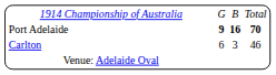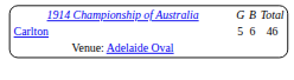 <table style="margin-right:4px; margin-top:8px; float:right; border:1px #000 solid; border-radius:8px; background:#fff; font-family:Verdana; font-size:8pt; text-align:center;">
 <tr>
 <td width=200><em><a href='#'>1914 Championship of Australia</a></em></td>
 <td><em>G</em></td>
 <td><em>B</em></td>
 <td><em>Total</em></td>
 </tr>
 <tr>
-<td style="text-align:left">Port Adelaide</td>
-<td><strong>9</strong></td>
-<td><strong>16</strong></td>
-<td><strong>70</strong></td>
-</tr>
-<tr>
 <td style="text-align:left"><a href='#'>Carlton</a></td>
+<td>5</td>
 <td>6</td>
-<td>3</td>
 <td>46</td>
 </tr>
 <tr>
 <td>Venue: <a href='#'>Adelaide Oval</a></td>
 <td colspan=3></td>
 </tr>
 </table>
